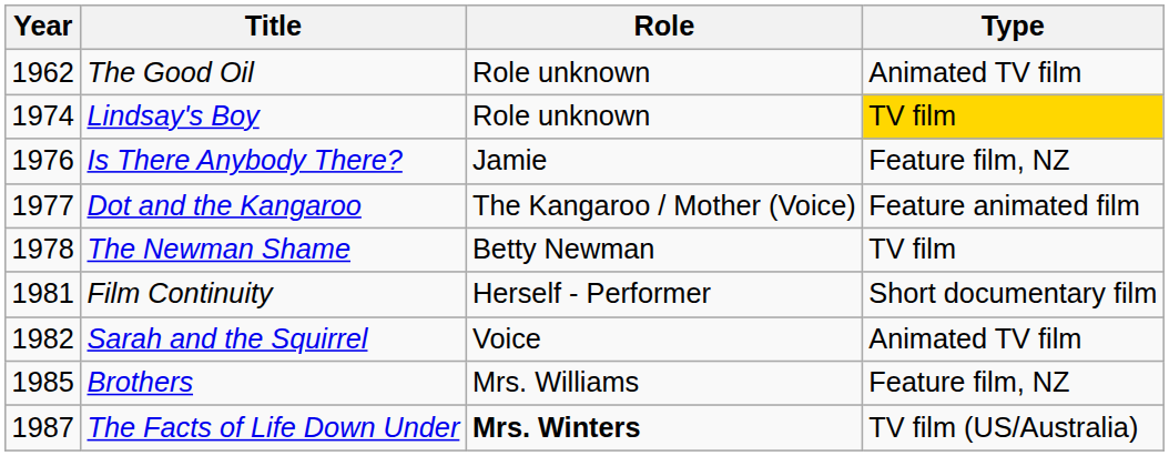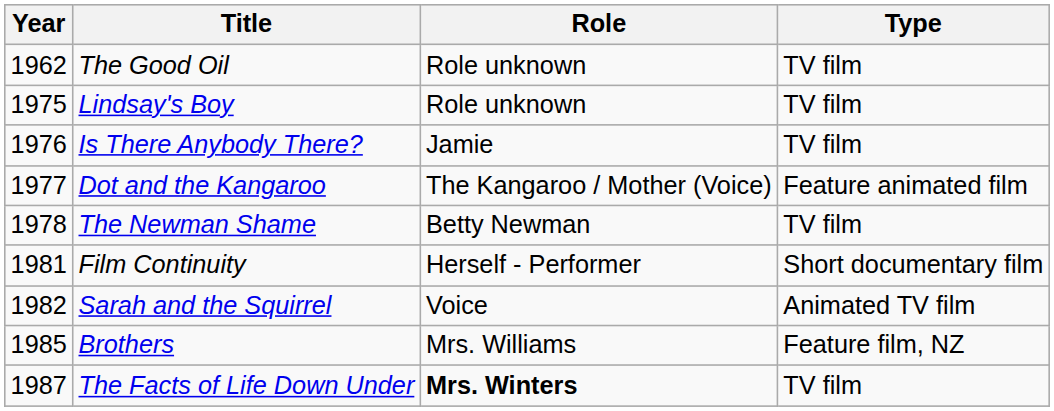 <table class="wikitable">
 <tr>
 <th>Year</th>
 <th>Title</th>
 <th>Role</th>
 <th>Type</th>
 </tr>
 <tr>
 <td>1962</td>
 <td><em>The Good Oil</em></td>
 <td>Role unknown</td>
-<td>Animated TV film</td>
+<td>TV film</td>
 </tr>
 <tr>
-<td>1974</td>
+<td>1975</td>
 <td><em><a href='#'>Lindsay's Boy</a></em></td>
 <td>Role unknown</td>
-<td style="background: gold;">TV film</td>
+<td>TV film</td>
 </tr>
 <tr>
 <td>1976</td>
 <td><em><a href='#'>Is There Anybody There?</a></em></td>
 <td>Jamie</td>
-<td>Feature film, NZ</td>
+<td>TV film</td>
 </tr>
 <tr>
 <td>1977</td>
 <td><em><a href='#'>Dot and the Kangaroo</a></em></td>
 <td>The Kangaroo / Mother (Voice)</td>
 <td>Feature animated film</td>
 </tr>
 <tr>
 <td>1978</td>
 <td><em><a href='#'>The Newman Shame</a></em></td>
 <td>Betty Newman</td>
 <td>TV film</td>
 </tr>
 <tr>
 <td>1981</td>
 <td><em>Film Continuity</em></td>
 <td>Herself - Performer</td>
 <td>Short documentary film</td>
 </tr>
 <tr>
 <td>1982</td>
 <td><em><a href='#'>Sarah and the Squirrel</a></em></td>
 <td>Voice</td>
 <td>Animated TV film</td>
 </tr>
 <tr>
 <td>1985</td>
 <td><em><a href='#'>Brothers</a></em></td>
 <td>Mrs. Williams</td>
 <td>Feature film, NZ</td>
 </tr>
 <tr>
 <td>1987</td>
 <td><em><a href='#'>The Facts of Life Down Under</a></em></td>
 <td><strong>Mrs. Winters</strong></td>
-<td>TV film (US/Australia)</td>
+<td>TV film</td>
 </tr>
 </table>
